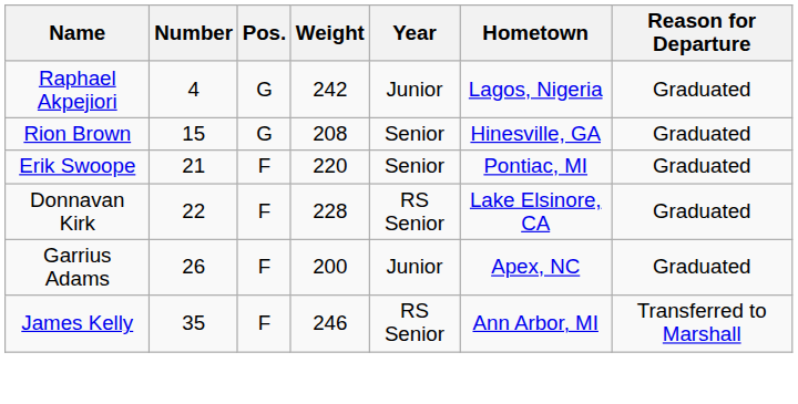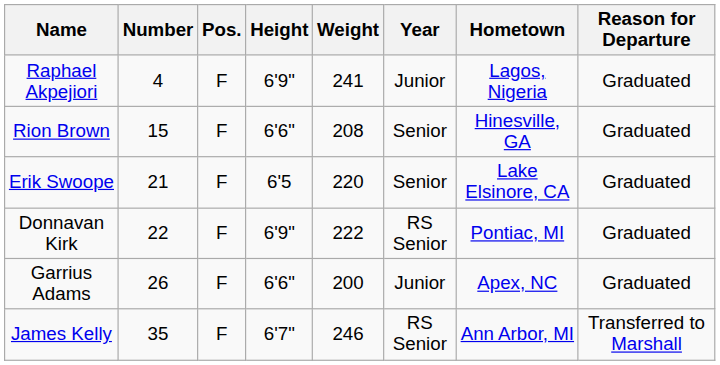 <table class="wikitable sortable" border="1" style="text-align:center;">
 <tr align=center>
 <th>Name</th>
 <th>Number</th>
 <th>Pos.</th>
+<th>Height</th>
 <th>Weight</th>
 <th>Year</th>
 <th>Hometown</th>
 <th>Reason for Departure</th>
 </tr>
 <tr>
 <td><a href='#'>Raphael Akpejiori</a></td>
 <td>4</td>
-<td>G</td>
-<td>242</td>
+<td>F</td>
+<td>6'9"</td>
+<td>241</td>
 <td>Junior</td>
 <td><a href='#'>Lagos, Nigeria</a></td>
 <td>Graduated</td>
 </tr>
 <tr>
 <td><a href='#'>Rion Brown</a></td>
 <td>15</td>
-<td>G</td>
+<td>F</td>
+<td>6'6"</td>
 <td>208</td>
 <td>Senior</td>
 <td><a href='#'>Hinesville, GA</a></td>
 <td>Graduated</td>
 </tr>
 <tr>
 <td><a href='#'>Erik Swoope</a></td>
 <td>21</td>
 <td>F</td>
+<td>6'5</td>
 <td>220</td>
 <td>Senior</td>
-<td><a href='#'>Pontiac, MI</a></td>
+<td><a href='#'>Lake Elsinore, CA</a></td>
 <td>Graduated</td>
 </tr>
 <tr>
 <td>Donnavan Kirk</td>
 <td>22</td>
 <td>F</td>
-<td>228</td>
+<td>6'9"</td>
+<td>222</td>
 <td>RS Senior</td>
-<td><a href='#'>Lake Elsinore, CA</a></td>
+<td><a href='#'>Pontiac, MI</a></td>
 <td>Graduated</td>
 </tr>
 <tr>
 <td>Garrius Adams</td>
 <td>26</td>
 <td>F</td>
+<td>6'6"</td>
 <td>200</td>
 <td>Junior</td>
 <td><a href='#'>Apex, NC</a></td>
 <td>Graduated</td>
 </tr>
 <tr>
 <td><a href='#'>James Kelly</a></td>
 <td>35</td>
 <td>F</td>
+<td>6'7"</td>
 <td>246</td>
 <td>RS Senior</td>
 <td><a href='#'>Ann Arbor, MI</a></td>
 <td>Transferred to <a href='#'>Marshall</a></td>
 </tr>
 </table>
